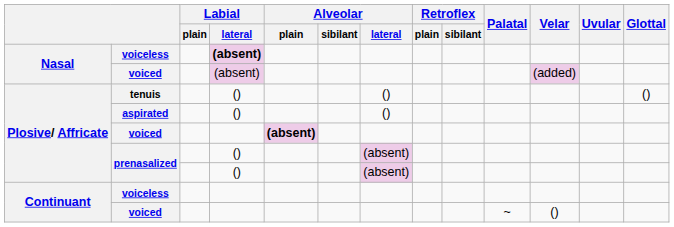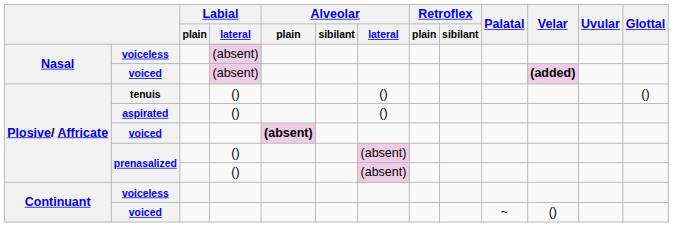 <table class="wikitable" style="text-align: center">
 <tr>
 <th colspan="2" rowspan="2"></th>
 <th colspan="2"><a href='#'>Labial</a></th>
 <th colspan="3"><a href='#'>Alveolar</a></th>
 <th colspan="2"><a href='#'>Retroflex</a></th>
 <th rowspan="2"><a href='#'>Palatal</a></th>
 <th rowspan="2"><a href='#'>Velar</a></th>
 <th rowspan="2"><a href='#'>Uvular</a></th>
 <th rowspan="2"><a href='#'>Glottal</a></th>
 </tr>
 <tr>
 <th><small>plain</small></th>
 <th><small><a href='#'>lateral</a></small></th>
 <th><small>plain</small></th>
 <th><small>sibilant</small></th>
 <th><small><a href='#'>lateral</a></small></th>
 <th><small>plain</small></th>
 <th><small>sibilant</small></th>
 </tr>
 <tr>
 <th rowspan="2"><a href='#'>Nasal</a></th>
 <th><small><a href='#'>voiceless</a></small></th>
 <td> </td>
-<td style="background:#EECCE8"><strong>(absent)</strong></td>
+<td style="background:#EECCE8">(absent)</td>
 <td> </td>
 <td></td>
 <td></td>
 <td></td>
 <td></td>
 <td> </td>
 <td></td>
 <td></td>
 <td></td>
 </tr>
 <tr>
 <th><small><a href='#'>voiced</a></small></th>
 <td> </td>
 <td style="background:#EECCE8">(absent)</td>
 <td> </td>
 <td></td>
 <td></td>
 <td></td>
 <td></td>
 <td> </td>
-<td style="background:#EECCE8">  (added)</td>
+<td style="background:#EECCE8"><strong>  (added)</strong></td>
 <td></td>
 <td></td>
 </tr>
 <tr>
 <th rowspan="5"><a href='#'>Plosive</a>/ <a href='#'>Affricate</a></th>
 <th><small>tenuis</small></th>
 <td> </td>
 <td>() </td>
 <td> </td>
 <td> </td>
 <td>() </td>
 <td> </td>
 <td> </td>
 <td> </td>
 <td> </td>
 <td> </td>
 <td>()</td>
 </tr>
 <tr>
 <th><small><a href='#'>aspirated</a></small></th>
 <td> </td>
 <td>() </td>
 <td> </td>
 <td> </td>
 <td>() </td>
 <td> </td>
 <td> </td>
 <td> </td>
 <td> </td>
 <td> </td>
 <td></td>
 </tr>
 <tr>
 <th><small><a href='#'>voiced</a></small></th>
 <td></td>
 <td></td>
 <td style="background:#EECCE8"><strong>(absent)</strong></td>
 <td></td>
 <td></td>
 <td></td>
 <td></td>
 <td></td>
 <td></td>
 <td></td>
 <td></td>
 </tr>
 <tr>
 <th rowspan="2"><small><a href='#'>prenasalized</a></small></th>
 <td> </td>
 <td>() </td>
 <td> </td>
 <td> </td>
 <td style="background:#EECCE8">(absent)</td>
 <td> </td>
 <td> </td>
 <td> </td>
 <td> </td>
 <td> </td>
 <td></td>
 </tr>
 <tr>
 <td> </td>
 <td>() </td>
 <td> </td>
 <td> </td>
 <td style="background:#EECCE8">(absent)</td>
 <td> </td>
 <td> </td>
 <td> </td>
 <td> </td>
 <td> </td>
 <td></td>
 </tr>
 <tr>
 <th rowspan="2"><a href='#'>Continuant</a></th>
 <th><small><a href='#'>voiceless</a></small></th>
 <td> </td>
 <td></td>
 <td> </td>
 <td></td>
 <td> </td>
 <td> </td>
 <td></td>
 <td> </td>
 <td> </td>
 <td></td>
 <td></td>
 </tr>
 <tr>
 <th><small><a href='#'>voiced</a></small></th>
 <td> </td>
 <td></td>
 <td></td>
 <td></td>
 <td> </td>
 <td> </td>
 <td></td>
 <td> ~  </td>
 <td>()</td>
 <td></td>
 <td></td>
 </tr>
 </table>
